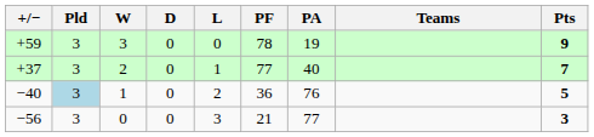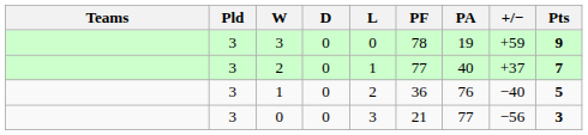 <table class="wikitable" style="text-align: center;">
 <tr>
-<th width="40">+/−</th>
+<th width="200">Teams</th>
 <th width="40">Pld</th>
 <th width="40">W</th>
 <th width="40">D</th>
 <th width="40">L</th>
 <th width="40">PF</th>
 <th width="40">PA</th>
-<th width="200">Teams</th>
+<th width="40">+/−</th>
 <th width="40">Pts</th>
 </tr>
 <tr bgcolor=ccffcc>
-<td>+59</td>
+<td align=left></td>
 <td>3</td>
 <td>3</td>
 <td>0</td>
 <td>0</td>
 <td>78</td>
 <td>19</td>
-<td align=left></td>
+<td>+59</td>
 <td><strong>9</strong></td>
 </tr>
 <tr bgcolor=ccffcc>
-<td>+37</td>
+<td align=left></td>
 <td>3</td>
 <td>2</td>
 <td>0</td>
 <td>1</td>
 <td>77</td>
 <td>40</td>
-<td align=left></td>
+<td>+37</td>
 <td><strong>7</strong></td>
 </tr>
 <tr>
-<td>−40</td>
-<td style="background: lightblue;">3</td>
+<td align=left></td>
+<td>3</td>
 <td>1</td>
 <td>0</td>
 <td>2</td>
 <td>36</td>
 <td>76</td>
-<td align=left></td>
+<td>−40</td>
 <td><strong>5</strong></td>
 </tr>
 <tr>
-<td>−56</td>
+<td align=left></td>
 <td>3</td>
 <td>0</td>
 <td>0</td>
 <td>3</td>
 <td>21</td>
 <td>77</td>
-<td align=left></td>
+<td>−56</td>
 <td><strong>3</strong></td>
 </tr>
 </table>
